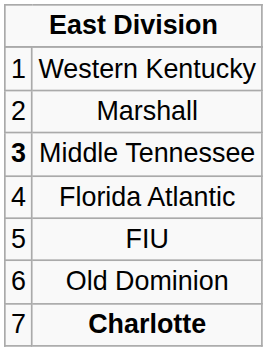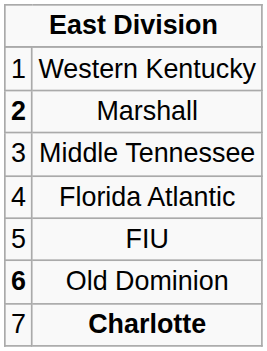 <table class="wikitable">
 <tr align="center">
 <td align="center" Colspan="3"><strong>East Division</strong></td>
 </tr>
 <tr align="center">
 </tr>
 <tr align="center">
 <td>1</td>
 <td>Western Kentucky</td>
 </tr>
 <tr align="center">
-<td>2</td>
+<td><strong>2</strong></td>
 <td>Marshall</td>
 </tr>
 <tr align="center">
-<td><strong>3</strong></td>
+<td>3</td>
 <td>Middle Tennessee</td>
 </tr>
 <tr align="center">
 <td>4</td>
 <td>Florida Atlantic</td>
 </tr>
 <tr align="center">
 <td>5</td>
 <td>FIU</td>
 </tr>
 <tr align="center">
-<td>6</td>
+<td><strong>6</strong></td>
 <td>Old Dominion</td>
 </tr>
 <tr align="center">
 <td>7</td>
 <td><strong>Charlotte</strong></td>
 </tr>
 </table>
